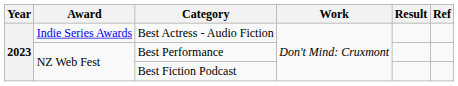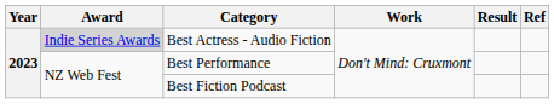 <table class="wikitable">
 <tr>
 <th>Year</th>
 <th>Award</th>
 <th>Category</th>
 <th>Work</th>
 <th>Result</th>
 <th>Ref</th>
 </tr>
 <tr>
 <th rowspan="3">2023</th>
-<td><a href='#'>Indie Series Awards</a></td>
+<td style="background: lightgrey;"><a href='#'>Indie Series Awards</a></td>
 <td>Best Actress - Audio Fiction</td>
 <td rowspan="3"><em>Don't Mind: Cruxmont</em></td>
 <td></td>
 <td></td>
 </tr>
 <tr>
 <td rowspan="2">NZ Web Fest</td>
 <td>Best Performance</td>
 <td></td>
 <td></td>
 </tr>
 <tr>
 <td>Best Fiction Podcast</td>
 <td></td>
 <td></td>
 </tr>
 </table>
